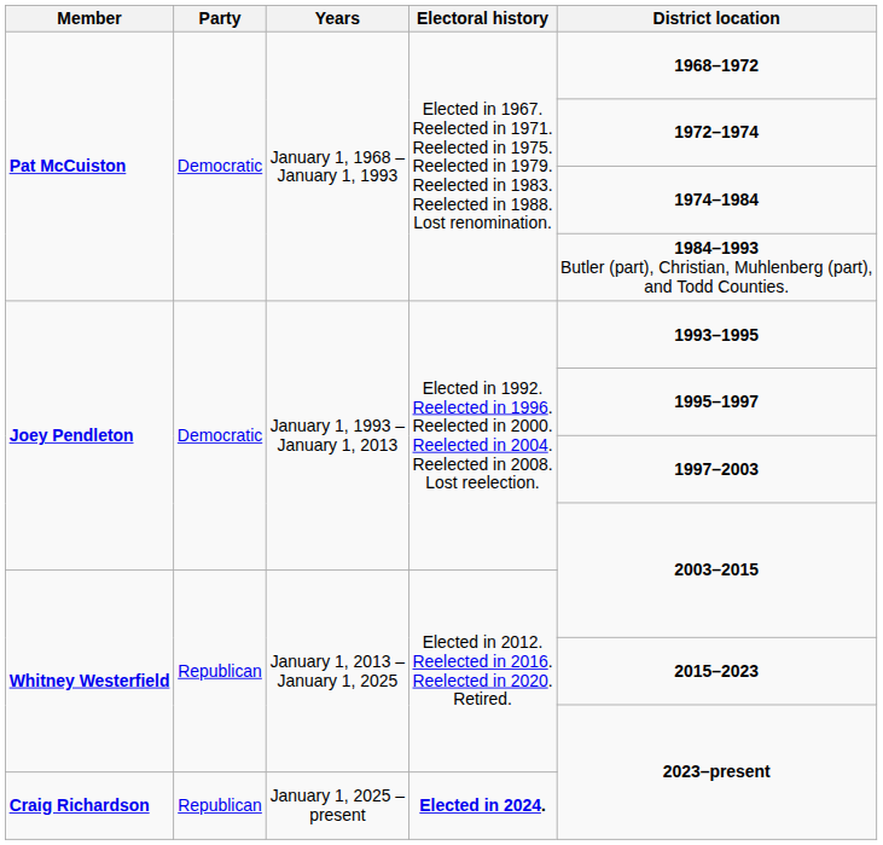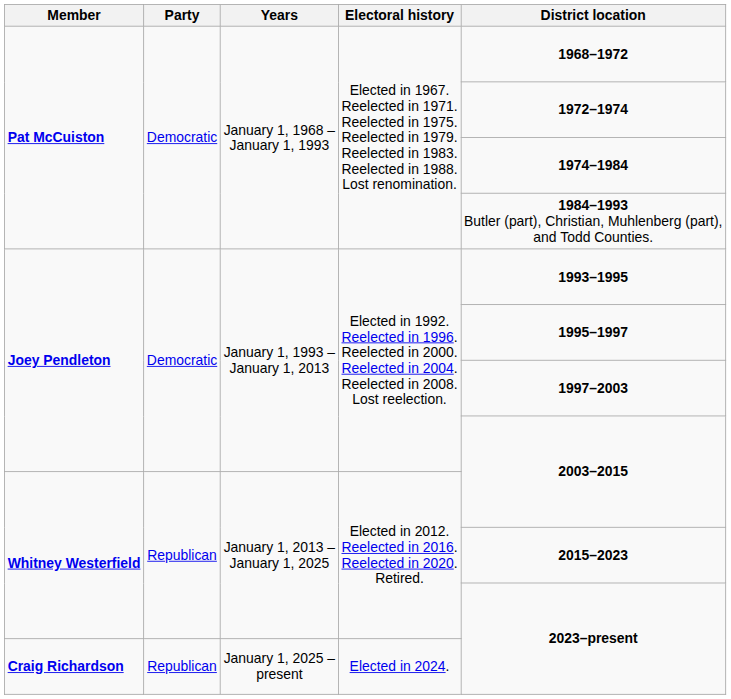 <table class=wikitable style="text-align:center">
 <tr>
 <th>Member</th>
 <th>Party</th>
 <th>Years</th>
 <th>Electoral history</th>
 <th>District location</th>
 </tr>
 <tr style="height:4em">
 <td rowspan=4 align=left><strong><a href='#'>Pat McCuiston</a></strong><br></td>
 <td rowspan=4 ><a href='#'>Democratic</a></td>
 <td rowspan=4 nowrap>January 1, 1968 –<br>January 1, 1993</td>
 <td rowspan=4>Elected in 1967.<br>Reelected in 1971.<br>Reelected in 1975.<br>Reelected in 1979.<br>Reelected in 1983.<br>Reelected in 1988.<br>Lost renomination.</td>
 <td><strong>1968–1972</strong><br></td>
 </tr>
 <tr style="height:4em">
 <td><strong>1972–1974</strong><br></td>
 </tr>
 <tr style="height:4em">
 <td><strong>1974–1984</strong><br></td>
 </tr>
 <tr style="height:4em">
 <td><strong>1984–1993</strong><br>Butler (part), Christian, Muhlenberg (part),<br>and Todd Counties.</td>
 </tr>
 <tr style="height:4em">
 <td rowspan=4 align=left><strong><a href='#'>Joey Pendleton</a></strong><br></td>
 <td rowspan=4 ><a href='#'>Democratic</a></td>
 <td rowspan=4 nowrap>January 1, 1993 –<br>January 1, 2013</td>
 <td rowspan=4>Elected in 1992.<br><a href='#'>Reelected in 1996</a>.<br>Reelected in 2000.<br><a href='#'>Reelected in 2004</a>.<br>Reelected in 2008.<br>Lost reelection.</td>
 <td><strong>1993–1995</strong><br></td>
 </tr>
 <tr style="height:4em">
 <td><strong>1995–1997</strong><br></td>
 </tr>
 <tr style="height:4em">
 <td><strong>1997–2003</strong><br></td>
 </tr>
 <tr style="height:4em">
 <td rowspan=2><strong>2003–2015</strong><br></td>
 </tr>
 <tr style="height:4em">
 <td rowspan=3 align=left><br><strong><a href='#'>Whitney Westerfield</a></strong><br></td>
 <td rowspan=3 ><a href='#'>Republican</a></td>
 <td rowspan=3 nowrap>January 1, 2013 –<br>January 1, 2025</td>
 <td rowspan=3>Elected in 2012.<br><a href='#'>Reelected in 2016</a>.<br><a href='#'>Reelected in 2020</a>.<br>Retired.</td>
 </tr>
 <tr style="height:4em">
 <td><strong>2015–2023</strong><br></td>
 </tr>
 <tr style="height:4em">
 <td rowspan=2><strong>2023–present</strong><br></td>
 </tr>
 <tr style="height:4em">
 <td align=left><strong><a href='#'>Craig Richardson</a></strong><br></td>
 <td><a href='#'>Republican</a></td>
 <td nowrap>January 1, 2025 –<br>present</td>
-<td><strong><a href='#'>Elected in 2024</a>.</strong></td>
+<td><a href='#'>Elected in 2024</a>.</td>
 </tr>
 </table>
